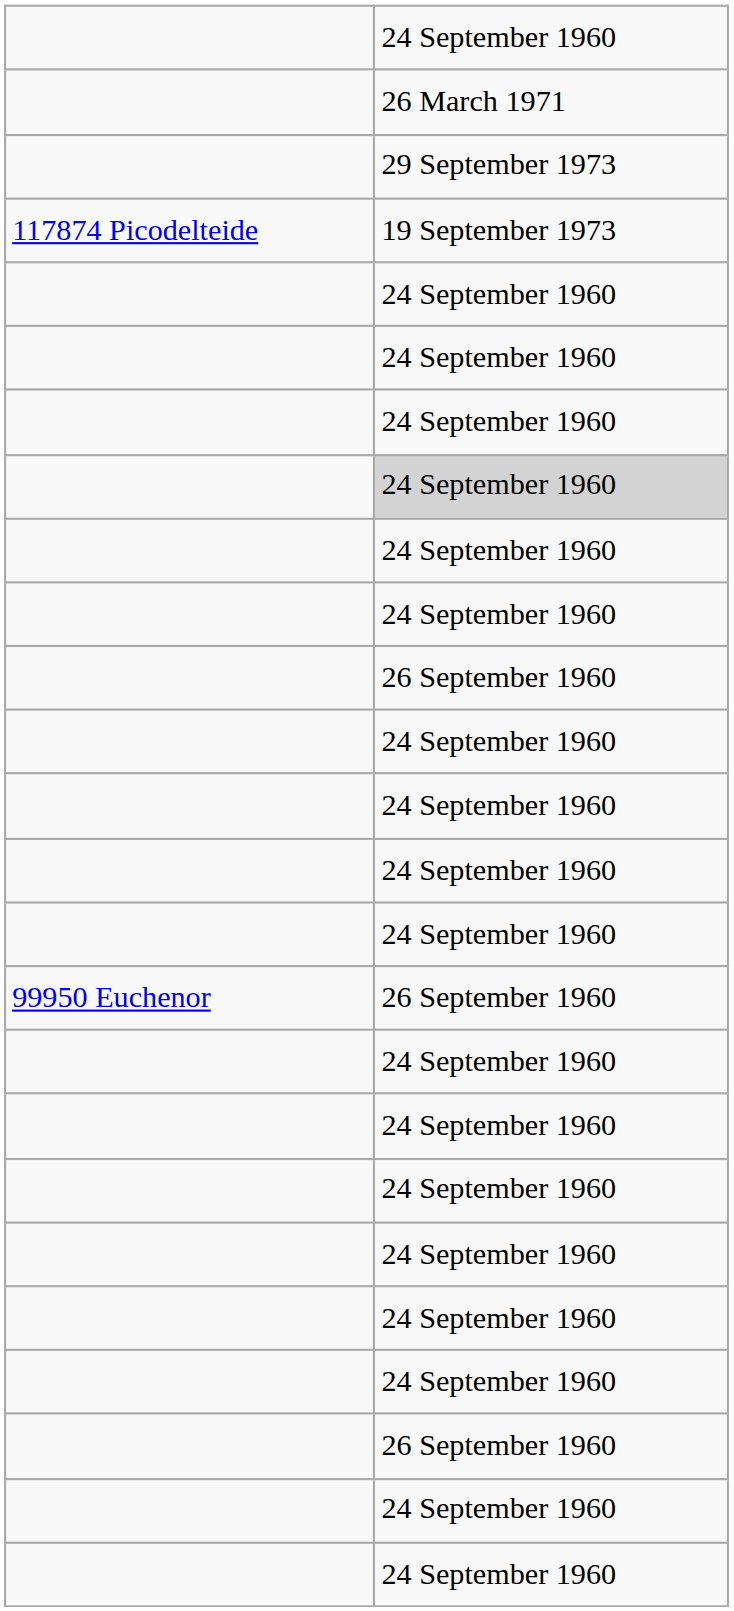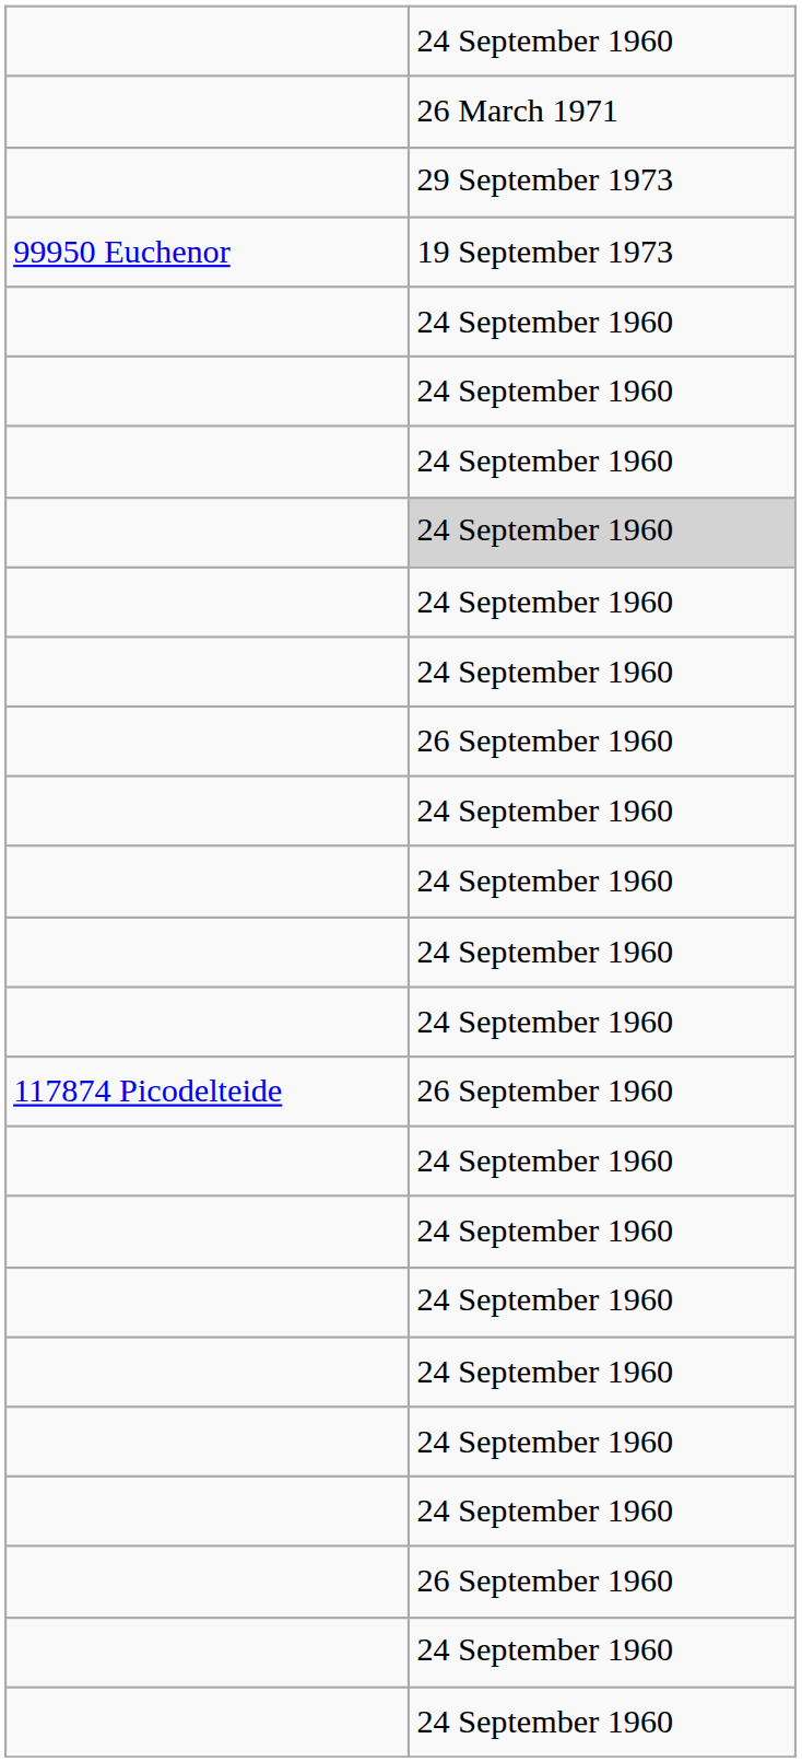 <table class="wikitable" style="font-size: 89%; float: left; width: 24em; margin-right: 1em; line-height: 1.65em">
 <tr>
 <td></td>
 <td>24 September 1960</td>
 </tr>
 <tr>
 <td></td>
 <td>26 March 1971</td>
 </tr>
 <tr>
 <td></td>
 <td>29 September 1973</td>
 </tr>
 <tr>
-<td><a href='#'>117874 Picodelteide</a></td>
+<td><a href='#'>99950 Euchenor</a></td>
 <td>19 September 1973</td>
 </tr>
 <tr>
 <td></td>
 <td>24 September 1960</td>
 </tr>
 <tr>
 <td></td>
 <td>24 September 1960</td>
 </tr>
 <tr>
 <td></td>
 <td>24 September 1960</td>
 </tr>
 <tr>
 <td></td>
 <td style="background: lightgrey;">24 September 1960</td>
 </tr>
 <tr>
 <td></td>
 <td>24 September 1960</td>
 </tr>
 <tr>
 <td></td>
 <td>24 September 1960</td>
 </tr>
 <tr>
 <td></td>
 <td>26 September 1960</td>
 </tr>
 <tr>
 <td></td>
 <td>24 September 1960</td>
 </tr>
 <tr>
 <td></td>
 <td>24 September 1960</td>
 </tr>
 <tr>
 <td></td>
 <td>24 September 1960</td>
 </tr>
 <tr>
 <td></td>
 <td>24 September 1960</td>
 </tr>
 <tr>
-<td><a href='#'>99950 Euchenor</a></td>
+<td><a href='#'>117874 Picodelteide</a></td>
 <td>26 September 1960</td>
 </tr>
 <tr>
 <td></td>
 <td>24 September 1960</td>
 </tr>
 <tr>
 <td></td>
 <td>24 September 1960</td>
 </tr>
 <tr>
 <td></td>
 <td>24 September 1960</td>
 </tr>
 <tr>
 <td></td>
 <td>24 September 1960</td>
 </tr>
 <tr>
 <td></td>
 <td>24 September 1960</td>
 </tr>
 <tr>
 <td></td>
 <td>24 September 1960</td>
 </tr>
 <tr>
 <td></td>
 <td>26 September 1960</td>
 </tr>
 <tr>
 <td></td>
 <td>24 September 1960</td>
 </tr>
 <tr>
 <td></td>
 <td>24 September 1960</td>
 </tr>
 </table>
